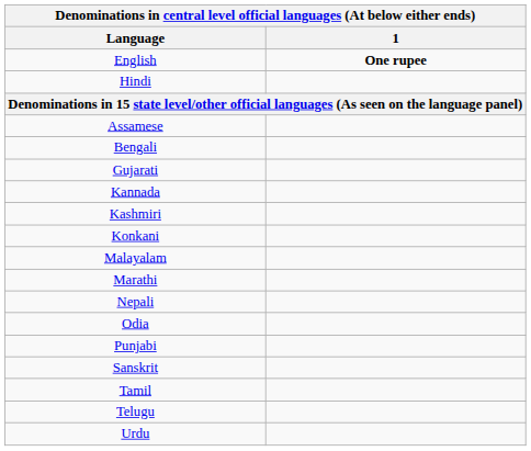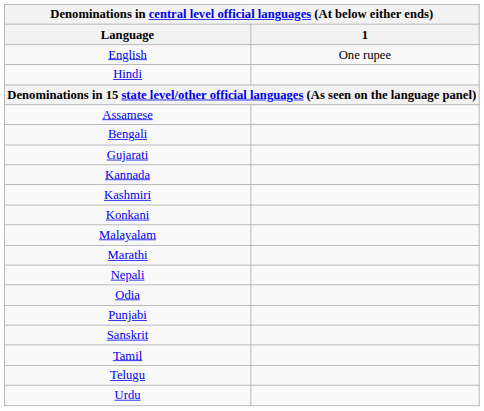 <table class="wikitable" style="text-align:center">
 <tr>
 <th colspan="2">Denominations in <a href='#'>central level official languages</a> (At below either ends)</th>
 </tr>
 <tr>
 <th>Language</th>
 <th>1</th>
 </tr>
 <tr>
 <td><a href='#'>English</a></td>
-<td><strong>One rupee</strong></td>
+<td>One rupee</td>
 </tr>
 <tr>
 <td><a href='#'>Hindi</a></td>
 <td></td>
 </tr>
 <tr>
 <th colspan="12">Denominations in 15 <a href='#'>state level/other official languages</a> (As seen on the language panel)</th>
 </tr>
 <tr>
 <td><a href='#'>Assamese</a></td>
 <td></td>
 </tr>
 <tr>
 <td><a href='#'>Bengali</a></td>
 <td></td>
 </tr>
 <tr>
 <td><a href='#'>Gujarati</a></td>
 <td></td>
 </tr>
 <tr>
 <td><a href='#'>Kannada</a></td>
 <td></td>
 </tr>
 <tr>
 <td><a href='#'>Kashmiri</a></td>
 <td></td>
 </tr>
 <tr>
 <td><a href='#'>Konkani</a></td>
 <td></td>
 </tr>
 <tr>
 <td><a href='#'>Malayalam</a></td>
 <td></td>
 </tr>
 <tr>
 <td><a href='#'>Marathi</a></td>
 <td></td>
 </tr>
 <tr>
 <td><a href='#'>Nepali</a></td>
 <td></td>
 </tr>
 <tr>
 <td><a href='#'>Odia</a></td>
 <td></td>
 </tr>
 <tr>
 <td><a href='#'>Punjabi</a></td>
 <td></td>
 </tr>
 <tr>
 <td><a href='#'>Sanskrit</a></td>
 <td></td>
 </tr>
 <tr>
 <td><a href='#'>Tamil</a></td>
 <td></td>
 </tr>
 <tr>
 <td><a href='#'>Telugu</a></td>
 <td></td>
 </tr>
 <tr>
 <td><a href='#'>Urdu</a></td>
 <td></td>
 </tr>
 </table>
